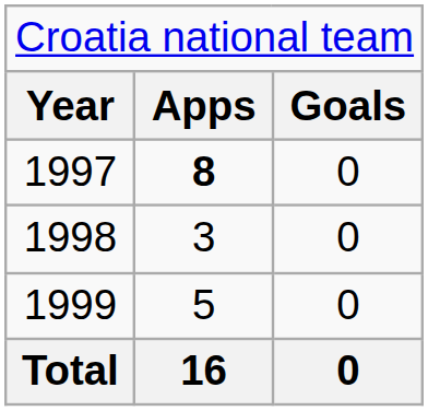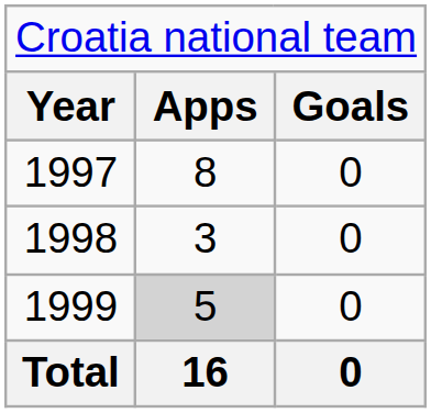 <table class="wikitable" style="text-align:center">
 <tr>
 <td colspan="3"><a href='#'>Croatia national team</a></td>
 </tr>
 <tr>
 <th>Year</th>
 <th>Apps</th>
 <th>Goals</th>
 </tr>
 <tr>
 <td>1997</td>
-<td><strong>8</strong></td>
+<td>8</td>
 <td>0</td>
 </tr>
 <tr>
 <td>1998</td>
 <td>3</td>
 <td>0</td>
 </tr>
 <tr>
 <td>1999</td>
-<td>5</td>
+<td style="background: lightgrey;">5</td>
 <td>0</td>
 </tr>
 <tr>
 <th>Total</th>
 <th>16</th>
 <th>0</th>
 </tr>
 </table>
